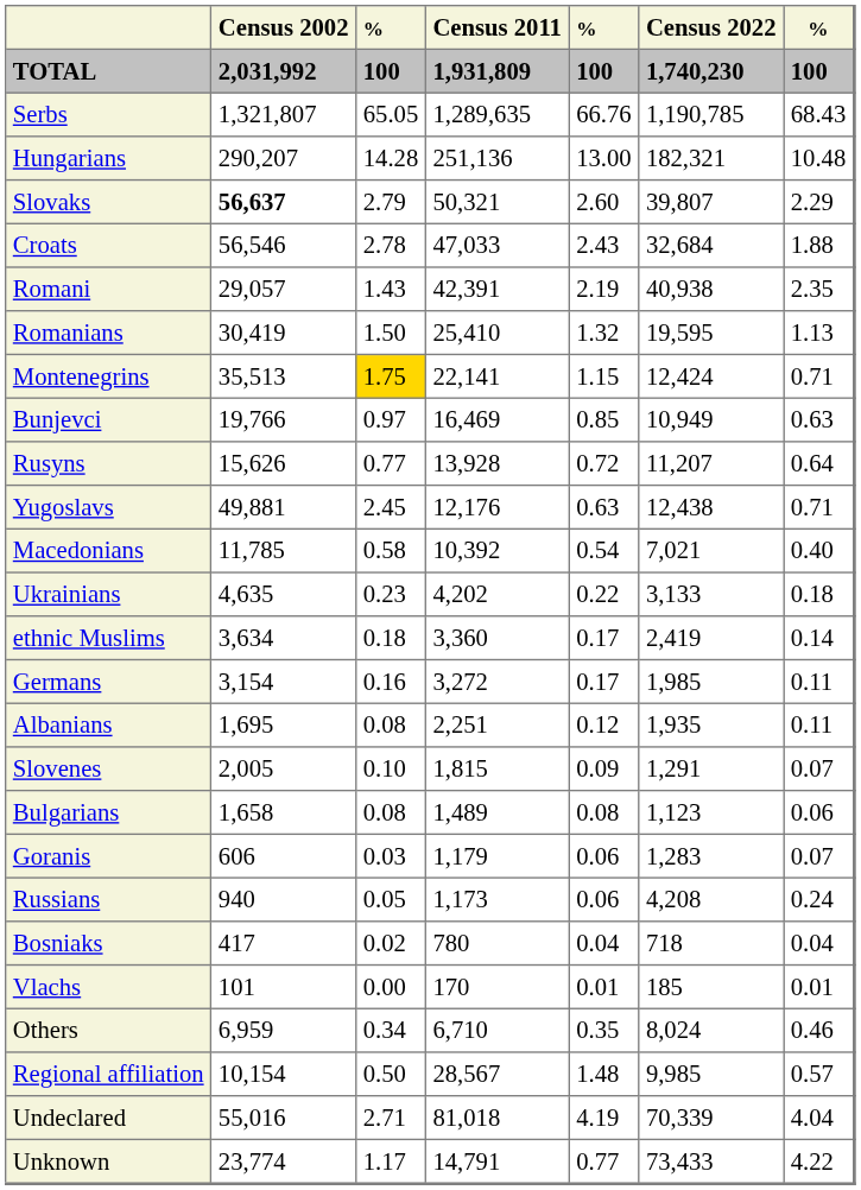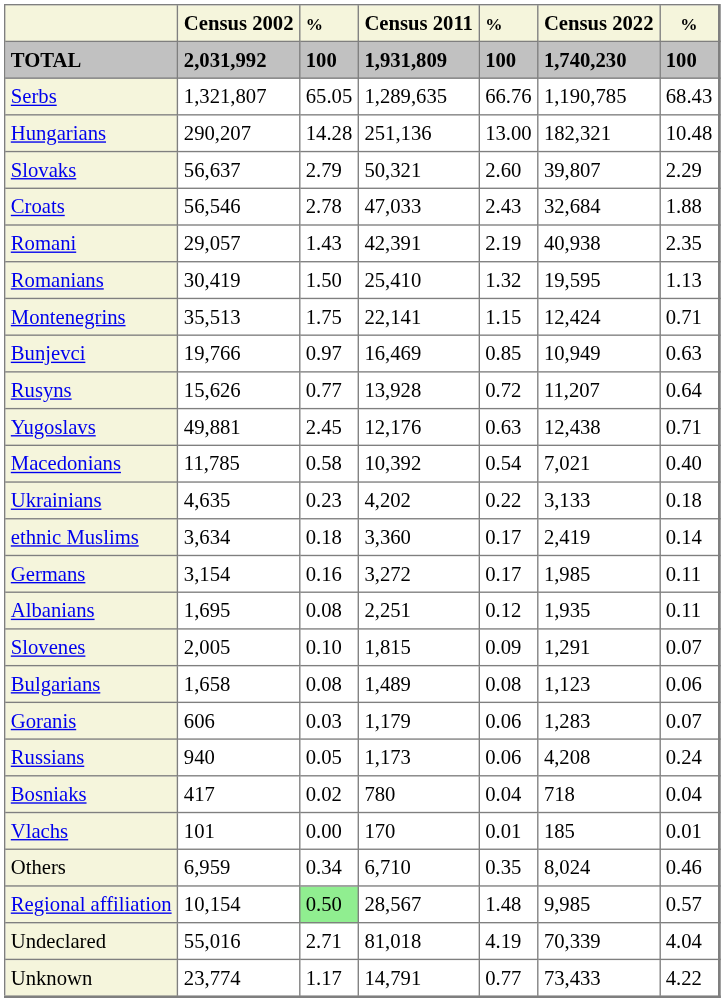 <table border="1" cellpadding="4" cellspacing="0" class="toccolours" style="align:left; margin:0.5em 0 0; border-style:solid; border:1px solid #7f7f7f; border-right-width:2px; border-bottom-width:2px; border-collapse:collapse; font-size:95%;">
 <tr style="background:beige;">
 <td style="background:beige;"></td>
 <td><strong>Census 2002</strong></td>
 <td><small><strong>%</strong></small></td>
 <td><strong>Census 2011</strong></td>
 <td><small><strong>%</strong></small></td>
 <td style="text-align:center;"><strong>Census 2022</strong></td>
 <td style="text-align:center;"><small><strong>%</strong></small></td>
 </tr>
 <tr style="background:#c1c1c1;">
 <td><strong>TOTAL</strong></td>
 <td><strong>2,031,992</strong></td>
 <td><strong>100</strong></td>
 <td><strong>1,931,809</strong></td>
 <td><strong>100</strong></td>
 <td><strong>1,740,230</strong></td>
 <td><strong>100</strong></td>
 </tr>
 <tr>
 <td style="background:beige;"><a href='#'>Serbs</a></td>
 <td>1,321,807</td>
 <td>65.05</td>
 <td>1,289,635</td>
 <td>66.76</td>
 <td>1,190,785</td>
 <td>68.43</td>
 </tr>
 <tr>
 <td style="background:beige;"><a href='#'>Hungarians</a></td>
 <td>290,207</td>
 <td>14.28</td>
 <td>251,136</td>
 <td>13.00</td>
 <td>182,321</td>
 <td>10.48</td>
 </tr>
 <tr>
 <td style="background:beige;"><a href='#'>Slovaks</a></td>
-<td><strong>56,637</strong></td>
+<td>56,637</td>
 <td>2.79</td>
 <td>50,321</td>
 <td>2.60</td>
 <td>39,807</td>
 <td>2.29</td>
 </tr>
 <tr>
 <td style="background:beige;"><a href='#'>Croats</a></td>
 <td>56,546</td>
 <td>2.78</td>
 <td>47,033</td>
 <td>2.43</td>
 <td>32,684</td>
 <td>1.88</td>
 </tr>
 <tr>
 <td style="background:beige;"><a href='#'>Romani</a></td>
 <td>29,057</td>
 <td>1.43</td>
 <td>42,391</td>
 <td>2.19</td>
 <td>40,938</td>
 <td>2.35</td>
 </tr>
 <tr>
 <td style="background:beige;"><a href='#'>Romanians</a></td>
 <td>30,419</td>
 <td>1.50</td>
 <td>25,410</td>
 <td>1.32</td>
 <td>19,595</td>
 <td>1.13</td>
 </tr>
 <tr>
 <td style="background:beige;"><a href='#'>Montenegrins</a></td>
 <td>35,513</td>
-<td style="background: gold;">1.75</td>
+<td>1.75</td>
 <td>22,141</td>
 <td>1.15</td>
 <td>12,424</td>
 <td>0.71</td>
 </tr>
 <tr>
 <td style="background:beige;"><a href='#'>Bunjevci</a></td>
 <td>19,766</td>
 <td>0.97</td>
 <td>16,469</td>
 <td>0.85</td>
 <td>10,949</td>
 <td>0.63</td>
 </tr>
 <tr>
 <td style="background:beige;"><a href='#'>Rusyns</a></td>
 <td>15,626</td>
 <td>0.77</td>
 <td>13,928</td>
 <td>0.72</td>
 <td>11,207</td>
 <td>0.64</td>
 </tr>
 <tr>
 <td style="background:beige;"><a href='#'>Yugoslavs</a></td>
 <td>49,881</td>
 <td>2.45</td>
 <td>12,176</td>
 <td>0.63</td>
 <td>12,438</td>
 <td>0.71</td>
 </tr>
 <tr>
 <td style="background:beige;"><a href='#'>Macedonians</a></td>
 <td>11,785</td>
 <td>0.58</td>
 <td>10,392</td>
 <td>0.54</td>
 <td>7,021</td>
 <td>0.40</td>
 </tr>
 <tr>
 <td style="background:beige;"><a href='#'>Ukrainians</a></td>
 <td>4,635</td>
 <td>0.23</td>
 <td>4,202</td>
 <td>0.22</td>
 <td>3,133</td>
 <td>0.18</td>
 </tr>
 <tr>
 <td style="background:beige;"><a href='#'>ethnic Muslims</a></td>
 <td>3,634</td>
 <td>0.18</td>
 <td>3,360</td>
 <td>0.17</td>
 <td>2,419</td>
 <td>0.14</td>
 </tr>
 <tr>
 <td style="background:beige;"><a href='#'>Germans</a></td>
 <td>3,154</td>
 <td>0.16</td>
 <td>3,272</td>
 <td>0.17</td>
 <td>1,985</td>
 <td>0.11</td>
 </tr>
 <tr>
 <td style="background:beige;"><a href='#'>Albanians</a></td>
 <td>1,695</td>
 <td>0.08</td>
 <td>2,251</td>
 <td>0.12</td>
 <td>1,935</td>
 <td>0.11</td>
 </tr>
 <tr>
 <td style="background:beige;"><a href='#'>Slovenes</a></td>
 <td>2,005</td>
 <td>0.10</td>
 <td>1,815</td>
 <td>0.09</td>
 <td>1,291</td>
 <td>0.07</td>
 </tr>
 <tr>
 <td style="background:beige;"><a href='#'>Bulgarians</a></td>
 <td>1,658</td>
 <td>0.08</td>
 <td>1,489</td>
 <td>0.08</td>
 <td>1,123</td>
 <td>0.06</td>
 </tr>
 <tr>
 <td style="background:beige;"><a href='#'>Goranis</a></td>
 <td>606</td>
 <td>0.03</td>
 <td>1,179</td>
 <td>0.06</td>
 <td>1,283</td>
 <td>0.07</td>
 </tr>
 <tr>
 <td style="background:beige;"><a href='#'>Russians</a></td>
 <td>940</td>
 <td>0.05</td>
 <td>1,173</td>
 <td>0.06</td>
 <td>4,208</td>
 <td>0.24</td>
 </tr>
 <tr>
 <td style="background:beige;"><a href='#'>Bosniaks</a></td>
 <td>417</td>
 <td>0.02</td>
 <td>780</td>
 <td>0.04</td>
 <td>718</td>
 <td>0.04</td>
 </tr>
 <tr>
 <td style="background:beige;"><a href='#'>Vlachs</a></td>
 <td>101</td>
 <td>0.00</td>
 <td>170</td>
 <td>0.01</td>
 <td>185</td>
 <td>0.01</td>
 </tr>
 <tr>
 <td style="background:beige;">Others</td>
 <td>6,959</td>
 <td>0.34</td>
 <td>6,710</td>
 <td>0.35</td>
 <td>8,024</td>
 <td>0.46</td>
 </tr>
 <tr>
 <td style="background:beige;"><a href='#'>Regional affiliation</a></td>
 <td>10,154</td>
-<td>0.50</td>
+<td style="background: lightgreen;">0.50</td>
 <td>28,567</td>
 <td>1.48</td>
 <td>9,985</td>
 <td>0.57</td>
 </tr>
 <tr>
 <td style="background:beige;">Undeclared</td>
 <td>55,016</td>
 <td>2.71</td>
 <td>81,018</td>
 <td>4.19</td>
 <td>70,339</td>
 <td>4.04</td>
 </tr>
 <tr>
 <td style="background:beige;">Unknown</td>
 <td>23,774</td>
 <td>1.17</td>
 <td>14,791</td>
 <td>0.77</td>
 <td>73,433</td>
 <td>4.22</td>
 </tr>
 </table>
